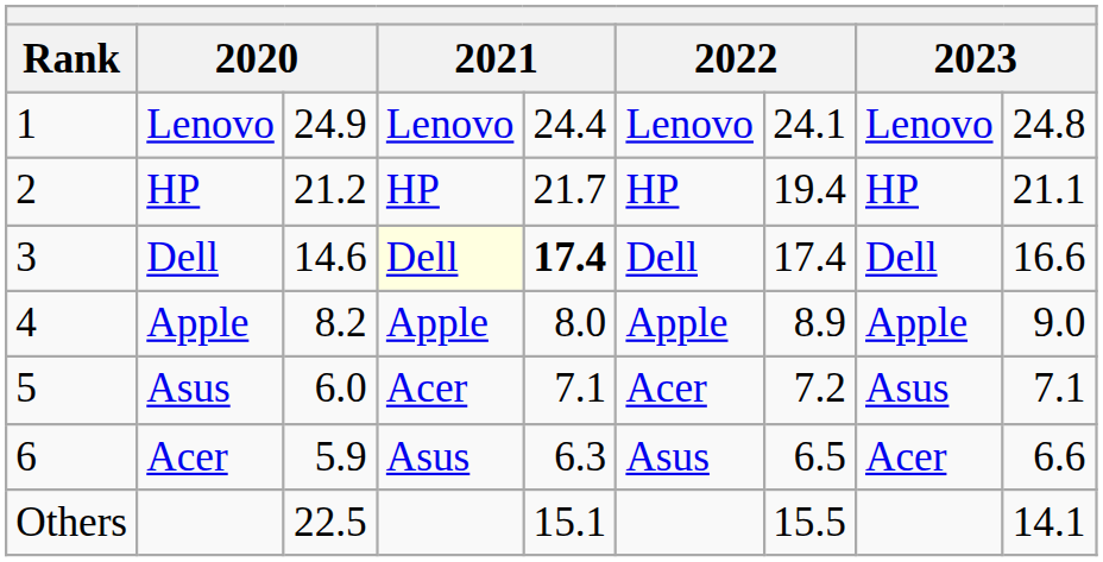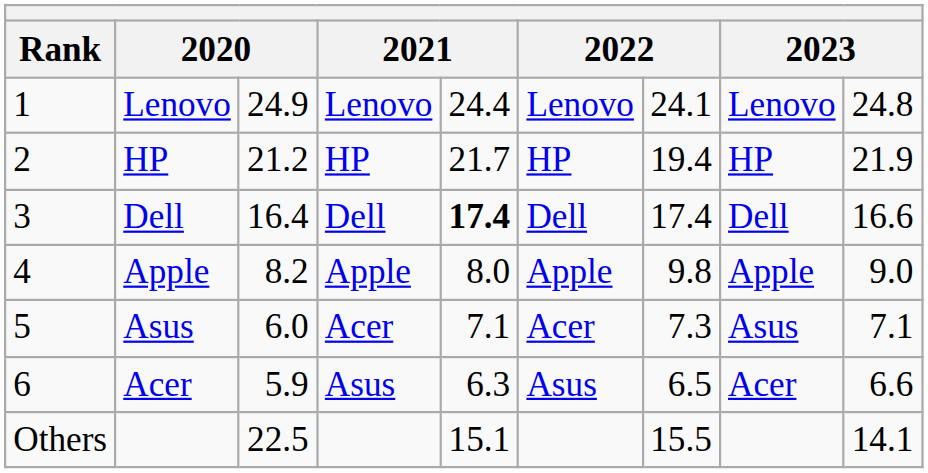 <table class="wikitable">
 <tr>
 <th colspan="21"></th>
 </tr>
 <tr>
 <th>Rank</th>
 <th colspan="2">2020</th>
 <th colspan="2">2021</th>
 <th colspan="2">2022</th>
 <th colspan="2">2023</th>
 </tr>
 <tr>
 <td>1</td>
 <td><a href='#'>Lenovo</a></td>
 <td style="text-align:right;">24.9</td>
 <td><a href='#'>Lenovo</a></td>
 <td style="text-align:right;">24.4</td>
 <td><a href='#'>Lenovo</a></td>
 <td style="text-align:right;">24.1</td>
 <td><a href='#'>Lenovo</a></td>
 <td style="text-align:right;">24.8</td>
 </tr>
 <tr>
 <td>2</td>
 <td><a href='#'>HP</a></td>
 <td style="text-align:right;">21.2</td>
 <td><a href='#'>HP</a></td>
 <td style="text-align:right;">21.7</td>
 <td><a href='#'>HP</a></td>
 <td style="text-align:right;">19.4</td>
 <td><a href='#'>HP</a></td>
-<td style="text-align:right;">21.1</td>
+<td style="text-align:right;">21.9</td>
 </tr>
 <tr>
 <td>3</td>
 <td><a href='#'>Dell</a></td>
-<td style="text-align:right;">14.6</td>
-<td style="background: lightyellow;"><a href='#'>Dell</a></td>
+<td style="text-align:right;">16.4</td>
+<td><a href='#'>Dell</a></td>
 <td style="text-align:right;"><strong>17.4</strong></td>
 <td><a href='#'>Dell</a></td>
 <td style="text-align:right;">17.4</td>
 <td><a href='#'>Dell</a></td>
 <td style="text-align:right;">16.6</td>
 </tr>
 <tr>
 <td>4</td>
 <td><a href='#'>Apple</a></td>
 <td style="text-align:right;">8.2</td>
 <td><a href='#'>Apple</a></td>
 <td style="text-align:right;">8.0</td>
 <td><a href='#'>Apple</a></td>
-<td style="text-align:right;">8.9</td>
+<td style="text-align:right;">9.8</td>
 <td><a href='#'>Apple</a></td>
 <td style="text-align:right;">9.0</td>
 </tr>
 <tr>
 <td>5</td>
 <td><a href='#'>Asus</a></td>
 <td style="text-align:right;">6.0</td>
 <td><a href='#'>Acer</a></td>
 <td style="text-align:right;">7.1</td>
 <td><a href='#'>Acer</a></td>
-<td style="text-align:right;">7.2</td>
+<td style="text-align:right;">7.3</td>
 <td><a href='#'>Asus</a></td>
 <td style="text-align:right;">7.1</td>
 </tr>
 <tr>
 <td>6</td>
 <td><a href='#'>Acer</a></td>
 <td style="text-align:right;">5.9</td>
 <td><a href='#'>Asus</a></td>
 <td style="text-align:right;">6.3</td>
 <td><a href='#'>Asus</a></td>
 <td style="text-align:right;">6.5</td>
 <td><a href='#'>Acer</a></td>
 <td style="text-align:right;">6.6</td>
 </tr>
 <tr>
 <td>Others</td>
 <td></td>
 <td style="text-align:right;">22.5</td>
 <td></td>
 <td style="text-align:right;">15.1</td>
 <td></td>
 <td style="text-align:right;">15.5</td>
 <td></td>
 <td style="text-align:right;">14.1</td>
 </tr>
 </table>
